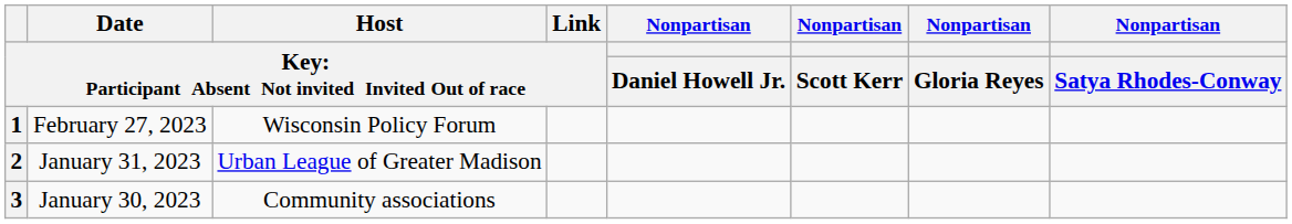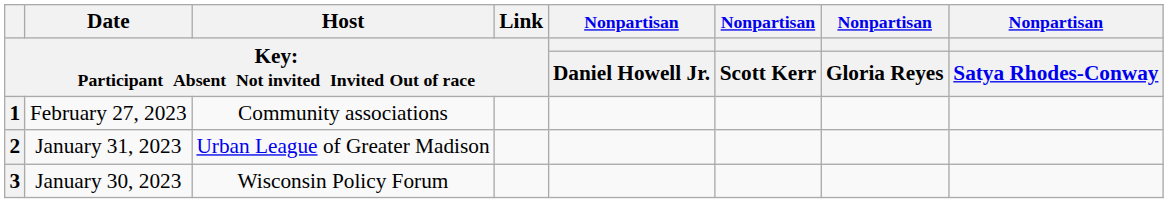 <table class="wikitable" style="text-align:center;">
 <tr>
 <th scope="col"></th>
 <th scope="col">Date</th>
 <th scope="col">Host</th>
 <th scope="col">Link</th>
 <th scope="col"><small><a href='#'>Nonpartisan</a></small></th>
 <th scope="col"><small><a href='#'>Nonpartisan</a></small></th>
 <th scope="col"><small><a href='#'>Nonpartisan</a></small></th>
 <th scope="col"><small><a href='#'>Nonpartisan</a></small></th>
 </tr>
 <tr>
 <th colspan="4" rowspan="2">Key:<br> <small>Participant </small>  <small>Absent </small>  <small>Not invited </small>  <small>Invited</small>   <small>Out of race</small></th>
 <th scope="col" style="background:"></th>
 <th scope="col" style="background:"></th>
 <th scope="col" style="background:"></th>
 <th scope="col" style="background:"></th>
 </tr>
 <tr>
 <th scope="col">Daniel Howell Jr.</th>
 <th scope="col">Scott Kerr</th>
 <th scope="col">Gloria Reyes</th>
 <th scope="col"><a href='#'>Satya Rhodes-Conway</a></th>
 </tr>
 <tr>
 <th>1</th>
 <td style="white-space:nowrap;">February 27, 2023</td>
-<td style="white-space:nowrap;">Wisconsin Policy Forum</td>
+<td style="white-space:nowrap;">Community associations</td>
 <td style="white-space:nowrap;"></td>
 <td></td>
 <td></td>
 <td></td>
 <td></td>
 </tr>
 <tr>
 <th>2</th>
 <td style="white-space:nowrap;">January 31, 2023</td>
 <td style="white-space:nowrap;"><a href='#'>Urban League</a> of Greater Madison</td>
 <td style="white-space:nowrap;"></td>
 <td></td>
 <td></td>
 <td></td>
 <td></td>
 </tr>
 <tr>
 <th>3</th>
 <td style="white-space:nowrap;">January 30, 2023</td>
-<td style="white-space:nowrap;">Community associations</td>
+<td style="white-space:nowrap;">Wisconsin Policy Forum</td>
 <td style="white-space:nowrap;"></td>
 <td></td>
 <td></td>
 <td></td>
 <td></td>
 </tr>
 </table>
